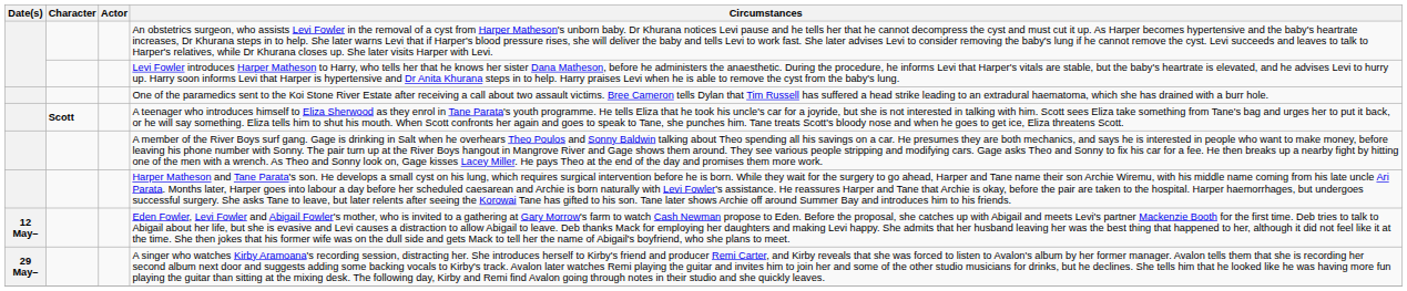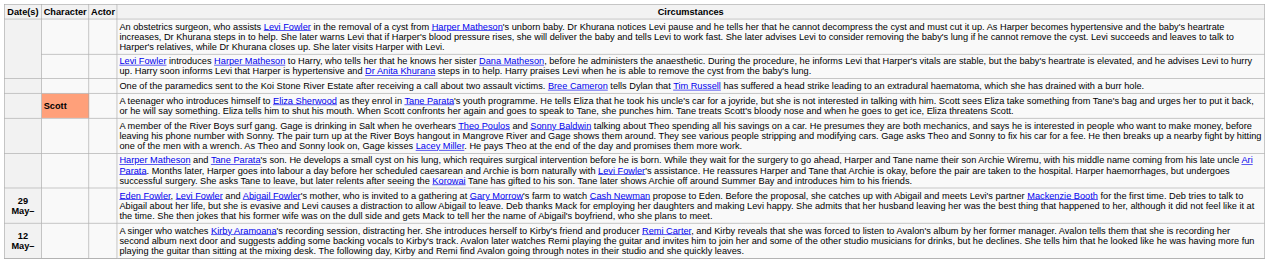 <table class="wikitable plainrowheaders" style="font-size:90%">
 <tr>
 <th scope="col">Date(s)</th>
 <th scope="col">Character</th>
 <th scope="col">Actor</th>
 <th scope="col">Circumstances</th>
 </tr>
 <tr>
 <th scope="row" rowspan="2"></th>
 <td></td>
 <td></td>
 <td>An obstetrics surgeon, who assists <a href='#'>Levi Fowler</a> in the removal of a cyst from <a href='#'>Harper Matheson</a>'s unborn baby. Dr Khurana notices Levi pause and he tells her that he cannot decompress the cyst and must cut it up. As Harper becomes hypertensive and the baby's heartrate increases, Dr Khurana steps in to help. She later warns Levi that if Harper's blood pressure rises, she will deliver the baby and tells Levi to work fast. She later advises Levi to consider removing the baby's lung if he cannot remove the cyst. Levi succeeds and leaves to talk to Harper's relatives, while Dr Khurana closes up. She later visits Harper with Levi.</td>
 </tr>
 <tr>
 <td></td>
 <td></td>
 <td><a href='#'>Levi Fowler</a> introduces <a href='#'>Harper Matheson</a> to Harry, who tells her that he knows her sister <a href='#'>Dana Matheson</a>, before he administers the anaesthetic. During the procedure, he informs Levi that Harper's vitals are stable, but the baby's heartrate is elevated, and he advises Levi to hurry up. Harry soon informs Levi that Harper is hypertensive and <a href='#'>Dr Anita Khurana</a> steps in to help. Harry praises Levi when he is able to remove the cyst from the baby's lung.</td>
 </tr>
 <tr>
 <th scope="row"></th>
 <td></td>
 <td></td>
 <td>One of the paramedics sent to the Koi Stone River Estate after receiving a call about two assault victims. <a href='#'>Bree Cameron</a> tells Dylan that <a href='#'>Tim Russell</a> has suffered a head strike leading to an extradural haematoma, which she has drained with a burr hole.</td>
 </tr>
 <tr>
 <th scope="row"></th>
-<td><strong>Scott</strong></td>
+<td style="background: lightsalmon;"><strong>Scott</strong></td>
 <td></td>
 <td>A teenager who introduces himself to <a href='#'>Eliza Sherwood</a> as they enrol in <a href='#'>Tane Parata</a>'s youth programme. He tells Eliza that he took his uncle's car for a joyride, but she is not interested in talking with him. Scott sees Eliza take something from Tane's bag and urges her to put it back, or he will say something. Eliza tells him to shut his mouth. When Scott confronts her again and goes to speak to Tane, she punches him. Tane treats Scott's bloody nose and when he goes to get ice, Eliza threatens Scott.</td>
 </tr>
 <tr>
 <th scope="row"></th>
 <td></td>
 <td></td>
 <td>A member of the River Boys surf gang. Gage is drinking in Salt when he overhears <a href='#'>Theo Poulos</a> and <a href='#'>Sonny Baldwin</a> talking about Theo spending all his savings on a car. He presumes they are both mechanics, and says he is interested in people who want to make money, before leaving his phone number with Sonny. The pair turn up at the River Boys hangout in Mangrove River and Gage shows them around. They see various people stripping and modifying cars. Gage asks Theo and Sonny to fix his car for a fee. He then breaks up a nearby fight by hitting one of the men with a wrench. As Theo and Sonny look on, Gage kisses <a href='#'>Lacey Miller</a>. He pays Theo at the end of the day and promises them more work.</td>
 </tr>
 <tr>
 <th scope="row"></th>
 <td></td>
 <td></td>
 <td><a href='#'>Harper Matheson</a> and <a href='#'>Tane Parata</a>'s son. He develops a small cyst on his lung, which requires surgical intervention before he is born. While they wait for the surgery to go ahead, Harper and Tane name their son Archie Wiremu, with his middle name coming from his late uncle <a href='#'>Ari Parata</a>. Months later, Harper goes into labour a day before her scheduled caesarean and Archie is born naturally with <a href='#'>Levi Fowler</a>'s assistance. He reassures Harper and Tane that Archie is okay, before the pair are taken to the hospital. Harper haemorrhages, but undergoes successful surgery. She asks Tane to leave, but later relents after seeing the <a href='#'>Korowai</a> Tane has gifted to his son. Tane later shows Archie off around Summer Bay and introduces him to his friends.</td>
 </tr>
 <tr>
-<th scope="row">12 May–</th>
+<th scope="row">29 May–</th>
 <td></td>
 <td></td>
 <td><a href='#'>Eden Fowler</a>, <a href='#'>Levi Fowler</a> and <a href='#'>Abigail Fowler</a>'s mother, who is invited to a gathering at <a href='#'>Gary Morrow</a>'s farm to watch <a href='#'>Cash Newman</a> propose to Eden. Before the proposal, she catches up with Abigail and meets Levi's partner <a href='#'>Mackenzie Booth</a> for the first time. Deb tries to talk to Abigail about her life, but she is evasive and Levi causes a distraction to allow Abigail to leave. Deb thanks Mack for employing her daughters and making Levi happy. She admits that her husband leaving her was the best thing that happened to her, although it did not feel like it at the time. She then jokes that his former wife was on the dull side and gets Mack to tell her the name of Abigail's boyfriend, who she plans to meet.</td>
 </tr>
 <tr>
-<th scope="row">29 May–</th>
+<th scope="row">12 May–</th>
 <td></td>
 <td></td>
 <td>A singer who watches <a href='#'>Kirby Aramoana</a>'s recording session, distracting her. She introduces herself to Kirby's friend and producer <a href='#'>Remi Carter</a>, and Kirby reveals that she was forced to listen to Avalon's album by her former manager. Avalon tells them that she is recording her second album next door and suggests adding some backing vocals to Kirby's track. Avalon later watches Remi playing the guitar and invites him to join her and some of the other studio musicians for drinks, but he declines. She tells him that he looked like he was having more fun playing the guitar than sitting at the mixing desk. The following day, Kirby and Remi find Avalon going through notes in their studio and she quickly leaves.</td>
 </tr>
 <tr>
 </tr>
 </table>
